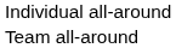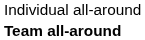 <table>
 <tr>
 <td>Individual all-around</td>
 <td></td>
 <td><br></td>
 <td></td>
 </tr>
 <tr>
-<td>Team all-around</td>
+<td><strong>Team all-around</strong></td>
 <td></td>
 <td></td>
 <td></td>
 </tr>
 </table>
